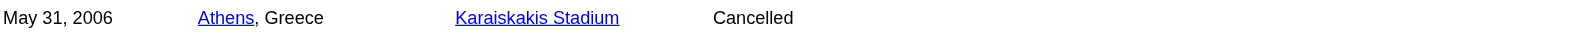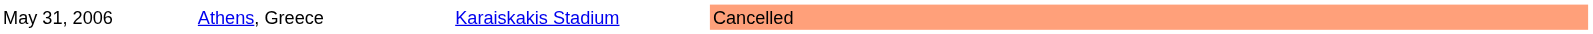 <table cellpadding="2" style="border:0 solid darkgrey; font-size:90%">
 <tr>
 <th style="width:150px;"></th>
 <th style="width:200px;"></th>
 <th style="width:200px;"></th>
 <th style="width:700px;"></th>
 </tr>
 <tr border="0">
 </tr>
 <tr>
 <td>May 31, 2006</td>
 <td><a href='#'>Athens</a>, Greece</td>
 <td><a href='#'>Karaiskakis Stadium</a></td>
-<td>Cancelled</td>
+<td style="background: lightsalmon;">Cancelled</td>
 </tr>
 <tr>
 </tr>
 </table>
